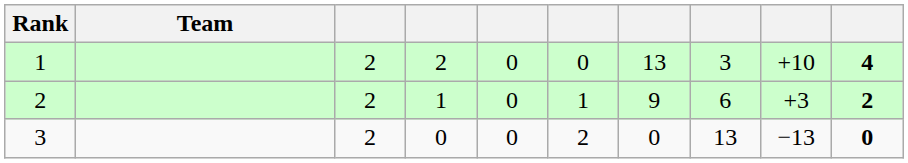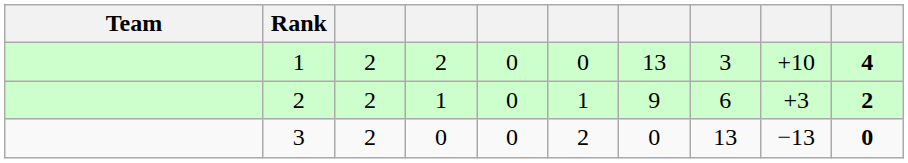 <table class="wikitable" style="text-align:center;">
 <tr>
+<th width=165>Team</th>
 <th width=40>Rank</th>
-<th width=165>Team</th>
 <th width=40></th>
 <th width=40></th>
 <th width=40></th>
 <th width=40></th>
 <th width=40></th>
 <th width=40></th>
 <th width=40></th>
 <th width=40></th>
 </tr>
 <tr bgcolor="ccffcc">
+<td style="text-align:left;"></td>
 <td>1</td>
-<td style="text-align:left;"></td>
 <td>2</td>
 <td>2</td>
 <td>0</td>
 <td>0</td>
 <td>13</td>
 <td>3</td>
 <td>+10</td>
 <td><strong>4</strong></td>
 </tr>
 <tr bgcolor="ccffcc">
+<td style="text-align:left;"></td>
 <td>2</td>
-<td style="text-align:left;"></td>
 <td>2</td>
 <td>1</td>
 <td>0</td>
 <td>1</td>
 <td>9</td>
 <td>6</td>
 <td>+3</td>
 <td><strong>2</strong></td>
 </tr>
 <tr>
+<td style="text-align:left;"><strong></strong></td>
 <td>3</td>
-<td style="text-align:left;"><strong></strong></td>
 <td>2</td>
 <td>0</td>
 <td>0</td>
 <td>2</td>
 <td>0</td>
 <td>13</td>
 <td>−13</td>
 <td><strong>0</strong></td>
 </tr>
 </table>
